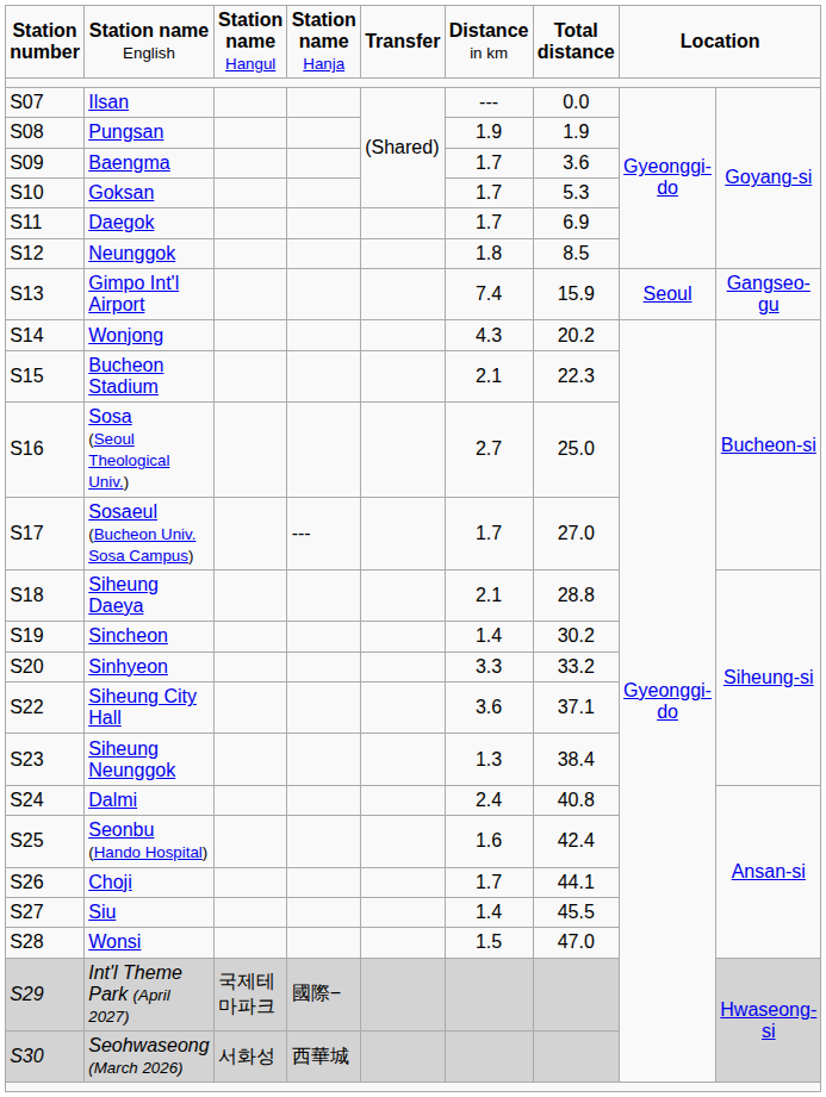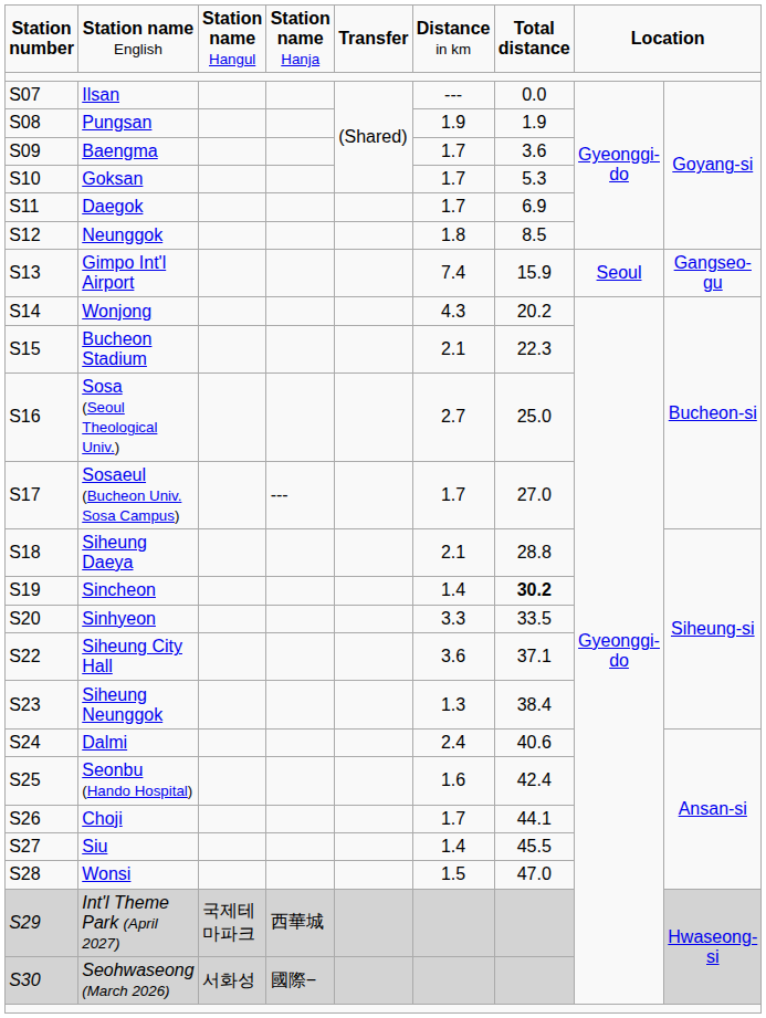 <table class="wikitable">
 <tr style="text-align:center;">
 <td><strong>Station<br>number</strong></td>
 <td width = "250pt"><strong>Station name</strong><br><small>English</small></td>
 <td width = "150pt"><strong>Station name</strong><br><small><a href='#'>Hangul</a></small></td>
 <td width = "150pt"><strong>Station name</strong><br><small><a href='#'>Hanja</a></small></td>
 <td width = "150pt"><strong>Transfer</strong></td>
 <td><strong>Distance</strong><br><small>in km</small></td>
 <td><strong>Total<br>distance</strong></td>
 <td colspan="2"><strong>Location</strong></td>
 </tr>
 <tr style="background:#">
 <td colspan = "10"></td>
 </tr>
 <tr>
 <td>S07</td>
 <td><a href='#'>Ilsan</a></td>
 <td></td>
 <td></td>
 <td rowspan=4> (Shared)</td>
 <td style="text-align:center;">---</td>
 <td style="text-align:center;">0.0</td>
 <td width="75" rowspan=6 style="text-align:center;"><a href='#'>Gyeonggi-do</a></td>
 <td width="75" rowspan=6 style="text-align:center;"><a href='#'>Goyang-si</a></td>
 </tr>
 <tr>
 <td>S08</td>
 <td><a href='#'>Pungsan</a></td>
 <td></td>
 <td></td>
 <td style="text-align:center;">1.9</td>
 <td style="text-align:center;">1.9</td>
 </tr>
 <tr>
 <td>S09</td>
 <td><a href='#'>Baengma</a></td>
 <td></td>
 <td></td>
 <td style="text-align:center;">1.7</td>
 <td style="text-align:center;">3.6</td>
 </tr>
 <tr>
 <td>S10</td>
 <td><a href='#'>Goksan</a></td>
 <td></td>
 <td></td>
 <td style="text-align:center;">1.7</td>
 <td style="text-align:center;">5.3</td>
 </tr>
 <tr>
 <td>S11</td>
 <td><a href='#'>Daegok</a></td>
 <td></td>
 <td></td>
 <td> </td>
 <td style="text-align:center;">1.7</td>
 <td style="text-align:center;">6.9</td>
 </tr>
 <tr>
 <td>S12</td>
 <td><a href='#'>Neunggok</a></td>
 <td></td>
 <td></td>
 <td></td>
 <td style="text-align:center;">1.8</td>
 <td style="text-align:center;">8.5</td>
 </tr>
 <tr>
 <td>S13</td>
 <td><a href='#'>Gimpo Int'l Airport</a></td>
 <td></td>
 <td></td>
 <td>   </td>
 <td style="text-align:center;">7.4</td>
 <td style="text-align:center;">15.9</td>
 <td style="text-align:center;"><a href='#'>Seoul</a></td>
 <td style="text-align:center;"><a href='#'>Gangseo-gu</a></td>
 </tr>
 <tr>
 <td>S14</td>
 <td><a href='#'>Wonjong</a></td>
 <td></td>
 <td></td>
 <td></td>
 <td style="text-align:center;">4.3</td>
 <td style="text-align:center;">20.2</td>
 <td rowspan="16" style="text-align:center;"><a href='#'>Gyeonggi-do</a></td>
 <td rowspan=4 style="text-align:center;"><a href='#'>Bucheon-si</a></td>
 </tr>
 <tr>
 <td>S15</td>
 <td><a href='#'>Bucheon Stadium</a></td>
 <td></td>
 <td></td>
 <td></td>
 <td style="text-align:center;">2.1</td>
 <td style="text-align:center;">22.3</td>
 </tr>
 <tr>
 <td>S16</td>
 <td><a href='#'>Sosa</a> <br><small>(<a href='#'>Seoul Theological Univ.</a>)</small></td>
 <td></td>
 <td></td>
 <td></td>
 <td style="text-align:center;">2.7</td>
 <td style="text-align:center;">25.0</td>
 </tr>
 <tr>
 <td>S17</td>
 <td><a href='#'>Sosaeul</a> <br><small>(<a href='#'>Bucheon Univ. Sosa Campus</a>)</small></td>
 <td></td>
 <td>---</td>
 <td></td>
 <td style="text-align:center;">1.7</td>
 <td style="text-align:center;">27.0</td>
 </tr>
 <tr>
 <td>S18</td>
 <td><a href='#'>Siheung Daeya</a></td>
 <td></td>
 <td></td>
 <td></td>
 <td style="text-align:center;">2.1</td>
 <td style="text-align:center;">28.8</td>
 <td width="80" rowspan="5" style="text-align:center;"><a href='#'>Siheung-si</a></td>
 </tr>
 <tr>
 <td>S19</td>
 <td><a href='#'>Sincheon</a></td>
 <td></td>
 <td></td>
 <td></td>
 <td style="text-align:center;">1.4</td>
-<td style="text-align:center;">30.2</td>
+<td style="text-align:center;"><strong>30.2</strong></td>
 </tr>
 <tr>
 <td>S20</td>
 <td><a href='#'>Sinhyeon</a></td>
 <td></td>
 <td></td>
 <td></td>
 <td style="text-align:center;">3.3</td>
-<td style="text-align:center;">33.2</td>
+<td style="text-align:center;">33.5</td>
 </tr>
 <tr>
 <td>S22</td>
 <td><a href='#'>Siheung City Hall</a></td>
 <td></td>
 <td></td>
 <td></td>
 <td style="text-align:center;">3.6</td>
 <td style="text-align:center;">37.1</td>
 </tr>
 <tr>
 <td>S23</td>
 <td><a href='#'>Siheung Neunggok</a></td>
 <td></td>
 <td></td>
 <td></td>
 <td style="text-align:center;">1.3</td>
 <td style="text-align:center;">38.4</td>
 </tr>
 <tr>
 <td>S24</td>
 <td><a href='#'>Dalmi</a></td>
 <td></td>
 <td></td>
 <td></td>
 <td style="text-align:center;">2.4</td>
-<td style="text-align:center;">40.8</td>
+<td style="text-align:center;">40.6</td>
 <td width="80" rowspan="5" style="text-align:center;"><a href='#'>Ansan-si</a></td>
 </tr>
 <tr>
 <td>S25</td>
 <td><a href='#'>Seonbu</a><br><small>(<a href='#'>Hando Hospital</a>)</small></td>
 <td></td>
 <td></td>
 <td></td>
 <td style="text-align:center;">1.6</td>
 <td style="text-align:center;">42.4</td>
 </tr>
 <tr>
 <td>S26</td>
 <td><a href='#'>Choji</a></td>
 <td></td>
 <td></td>
 <td> </td>
 <td style="text-align:center;">1.7</td>
 <td style="text-align:center;">44.1</td>
 </tr>
 <tr>
 <td>S27</td>
 <td><a href='#'>Siu</a></td>
 <td></td>
 <td></td>
 <td></td>
 <td style="text-align:center;">1.4</td>
 <td style="text-align:center;">45.5</td>
 </tr>
 <tr>
 <td>S28</td>
 <td><a href='#'>Wonsi</a></td>
 <td></td>
 <td></td>
 <td></td>
 <td style="text-align:center;">1.5</td>
 <td style="text-align:center;">47.0</td>
 </tr>
 <tr style="background-color:lightgrey;">
 <td style="background-color:lightgrey;"><em>S29</em></td>
 <td style="background-color:lightgrey;"><em>Int'l Theme Park <small>(April 2027)</small></em></td>
 <td style="background-color:lightgrey;">국제테마파크</td>
-<td style="background-color:lightgrey;">國際−</td>
+<td style="background-color:lightgrey;">西華城</td>
 <td style="background-color:lightgrey;"></td>
 <td style="background-color:lightgrey;"></td>
 <td style="background-color:lightgrey;"></td>
 <td width="75" rowspan=2 style="text-align:center;"><a href='#'>Hwaseong-si</a></td>
 </tr>
 <tr>
 <td style="background-color:lightgrey;"><em>S30</em></td>
 <td style="background-color:lightgrey;"><em>Seohwaseong <small>(March 2026)</small></em></td>
 <td style="background-color:lightgrey;">서화성</td>
-<td style="background-color:lightgrey;">西華城</td>
+<td style="background-color:lightgrey;">國際−</td>
 <td style="background-color:lightgrey;"></td>
 <td style="background-color:lightgrey;"></td>
 <td style="background-color:lightgrey;"></td>
 </tr>
 <tr style="background:#">
 <td colspan = "10"></td>
 </tr>
 </table>
